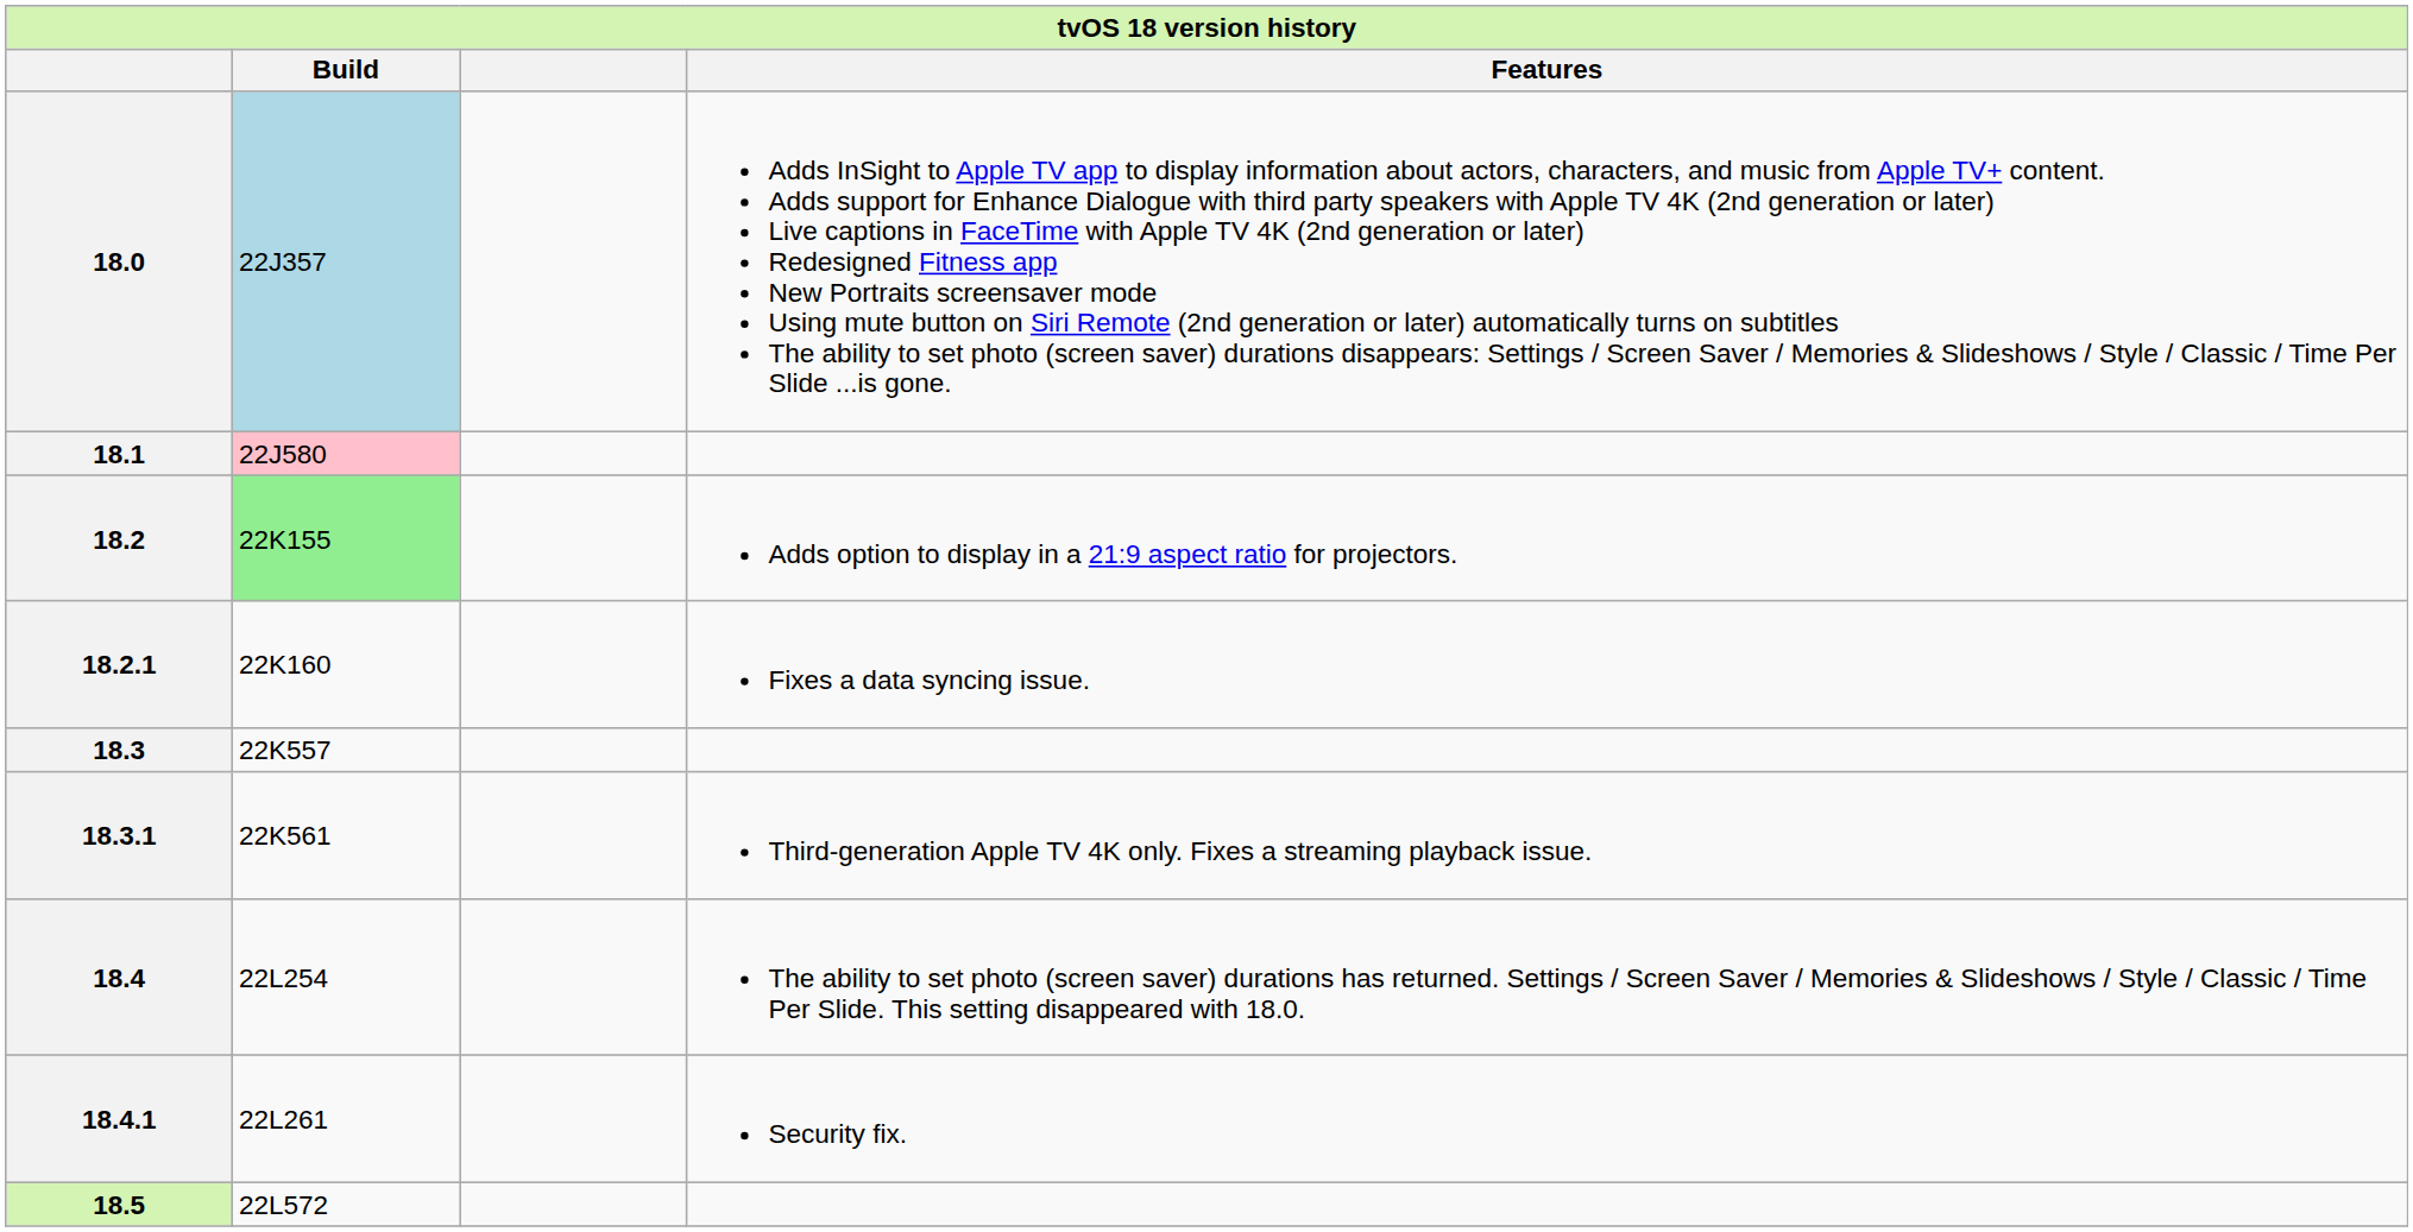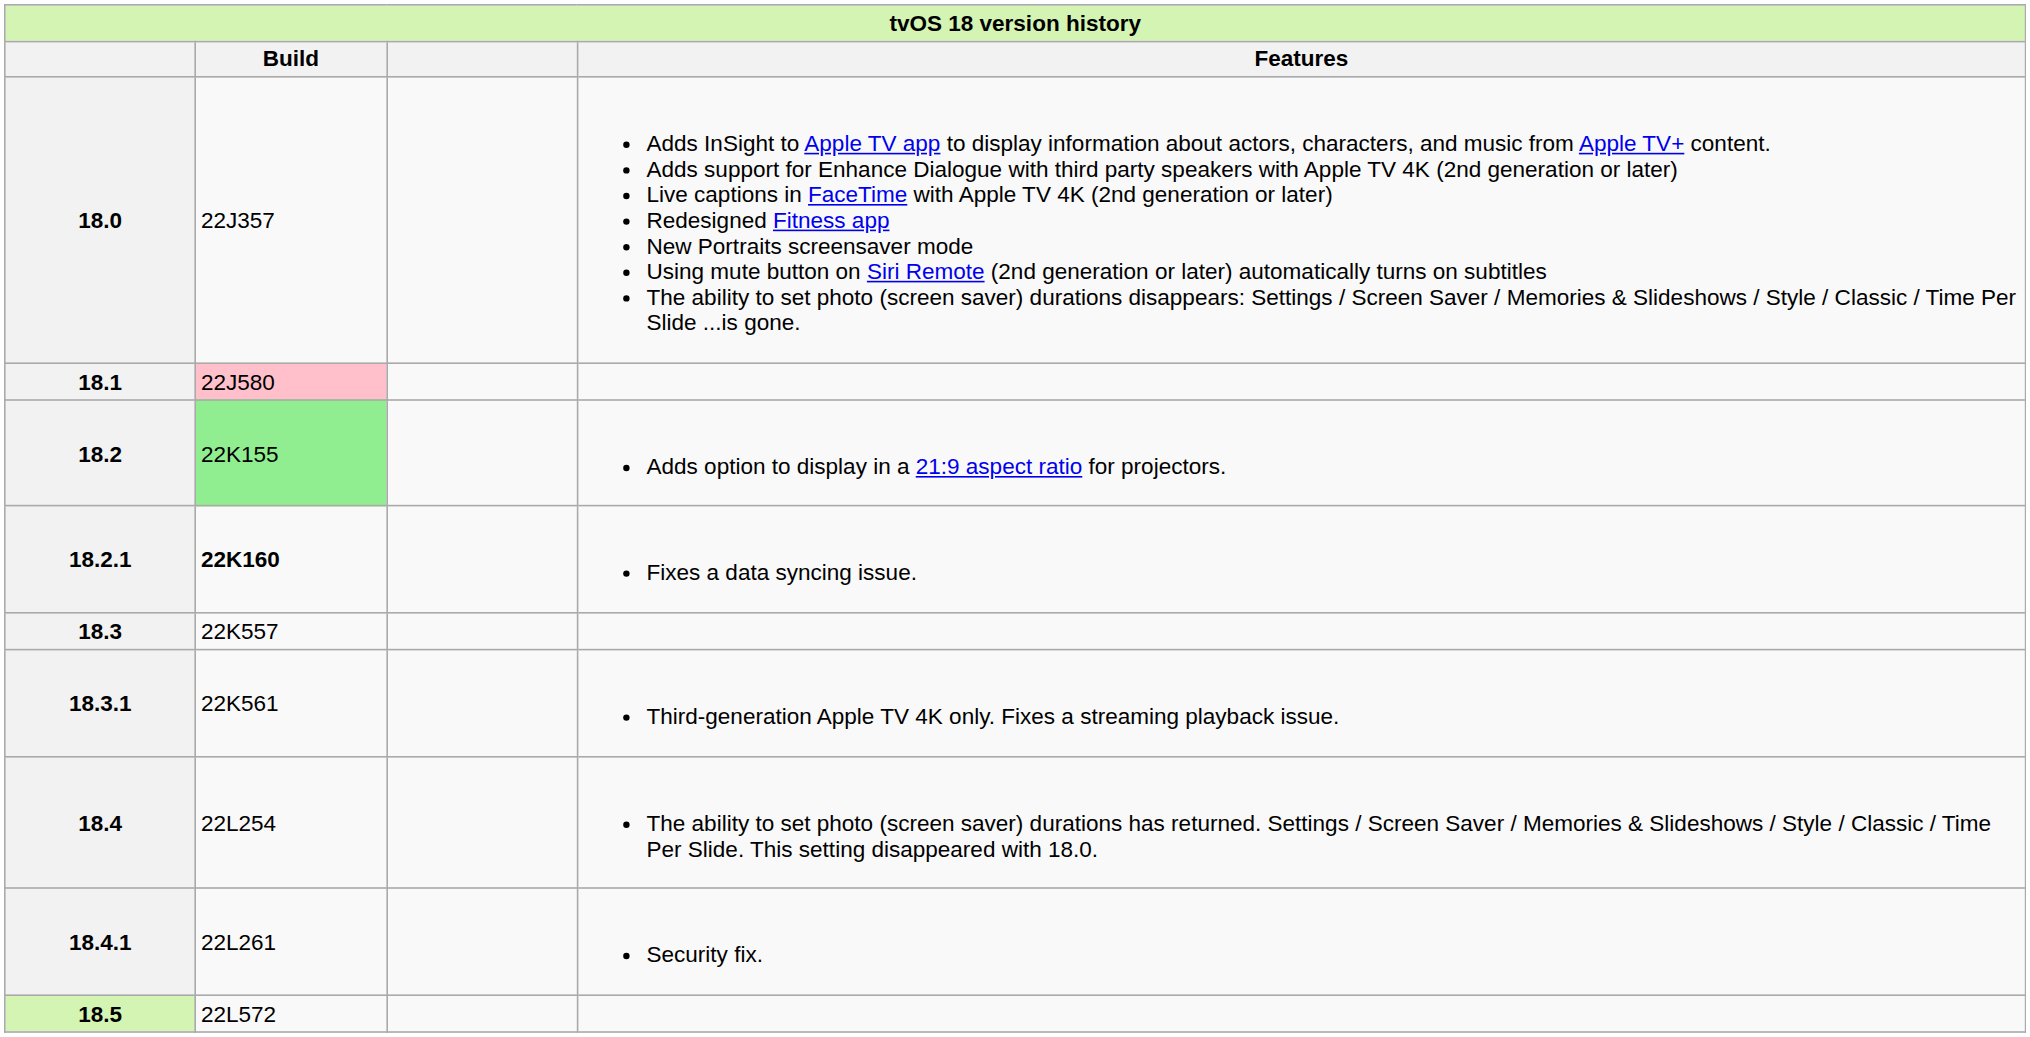 <table class="wikitable mw-collapsible mw-uncollapsed" style="width:100%; font-size:88%;">
 <tr>
 <th style="background:#d4f4b4;" colspan="5">tvOS 18 version history</th>
 </tr>
 <tr>
 <th style="width:8em;"></th>
 <th style="width:8em;">Build</th>
 <th style="width:8em;"></th>
 <th>Features</th>
 </tr>
 <tr>
 <th>18.0</th>
-<td style="background: lightblue;">22J357</td>
+<td>22J357</td>
 <td></td>
 <td><br><ul><li>Adds InSight to <a href='#'>Apple TV app</a> to display information about actors, characters, and music from <a href='#'>Apple TV+</a> content.</li><li>Adds support for Enhance Dialogue with third party speakers with Apple TV 4K (2nd generation or later)</li><li>Live captions in <a href='#'>FaceTime</a> with Apple TV 4K (2nd generation or later)</li><li>Redesigned <a href='#'>Fitness app</a></li><li>New Portraits screensaver mode</li><li>Using mute button on <a href='#'>Siri Remote</a> (2nd generation or later) automatically turns on subtitles</li><li>The ability to set photo (screen saver) durations disappears: Settings / Screen Saver / Memories & Slideshows / Style / Classic / Time Per Slide ...is gone.</li></ul></td>
 </tr>
 <tr>
 <th>18.1</th>
 <td style="background: pink;">22J580</td>
 <td></td>
 <td></td>
 </tr>
 <tr>
 <th>18.2</th>
 <td style="background: lightgreen;">22K155</td>
 <td></td>
 <td><br><ul><li>Adds option to display in a <a href='#'>21:9 aspect ratio</a> for projectors.</li></ul></td>
 </tr>
 <tr>
 <th>18.2.1</th>
-<td>22K160</td>
+<td><strong>22K160</strong></td>
 <td></td>
 <td><br><ul><li>Fixes a data syncing issue.</li></ul></td>
 </tr>
 <tr>
 <th>18.3</th>
 <td>22K557</td>
 <td></td>
 <td></td>
 </tr>
 <tr>
 <th>18.3.1</th>
 <td>22K561</td>
 <td></td>
 <td><br><ul><li>Third-generation Apple TV 4K only. Fixes a streaming playback issue.</li></ul></td>
 </tr>
 <tr>
 <th>18.4</th>
 <td>22L254</td>
 <td></td>
 <td><br><ul><li>The ability to set photo (screen saver) durations has returned. Settings / Screen Saver / Memories & Slideshows / Style / Classic / Time Per Slide. This setting disappeared with 18.0.</li></ul></td>
 </tr>
 <tr>
 <th>18.4.1</th>
 <td>22L261</td>
 <td></td>
 <td><br><ul><li>Security fix.</li></ul></td>
 </tr>
 <tr>
 <th style="background:#d4f4b4;">18.5</th>
 <td>22L572</td>
 <td></td>
 <td></td>
 </tr>
 </table>
